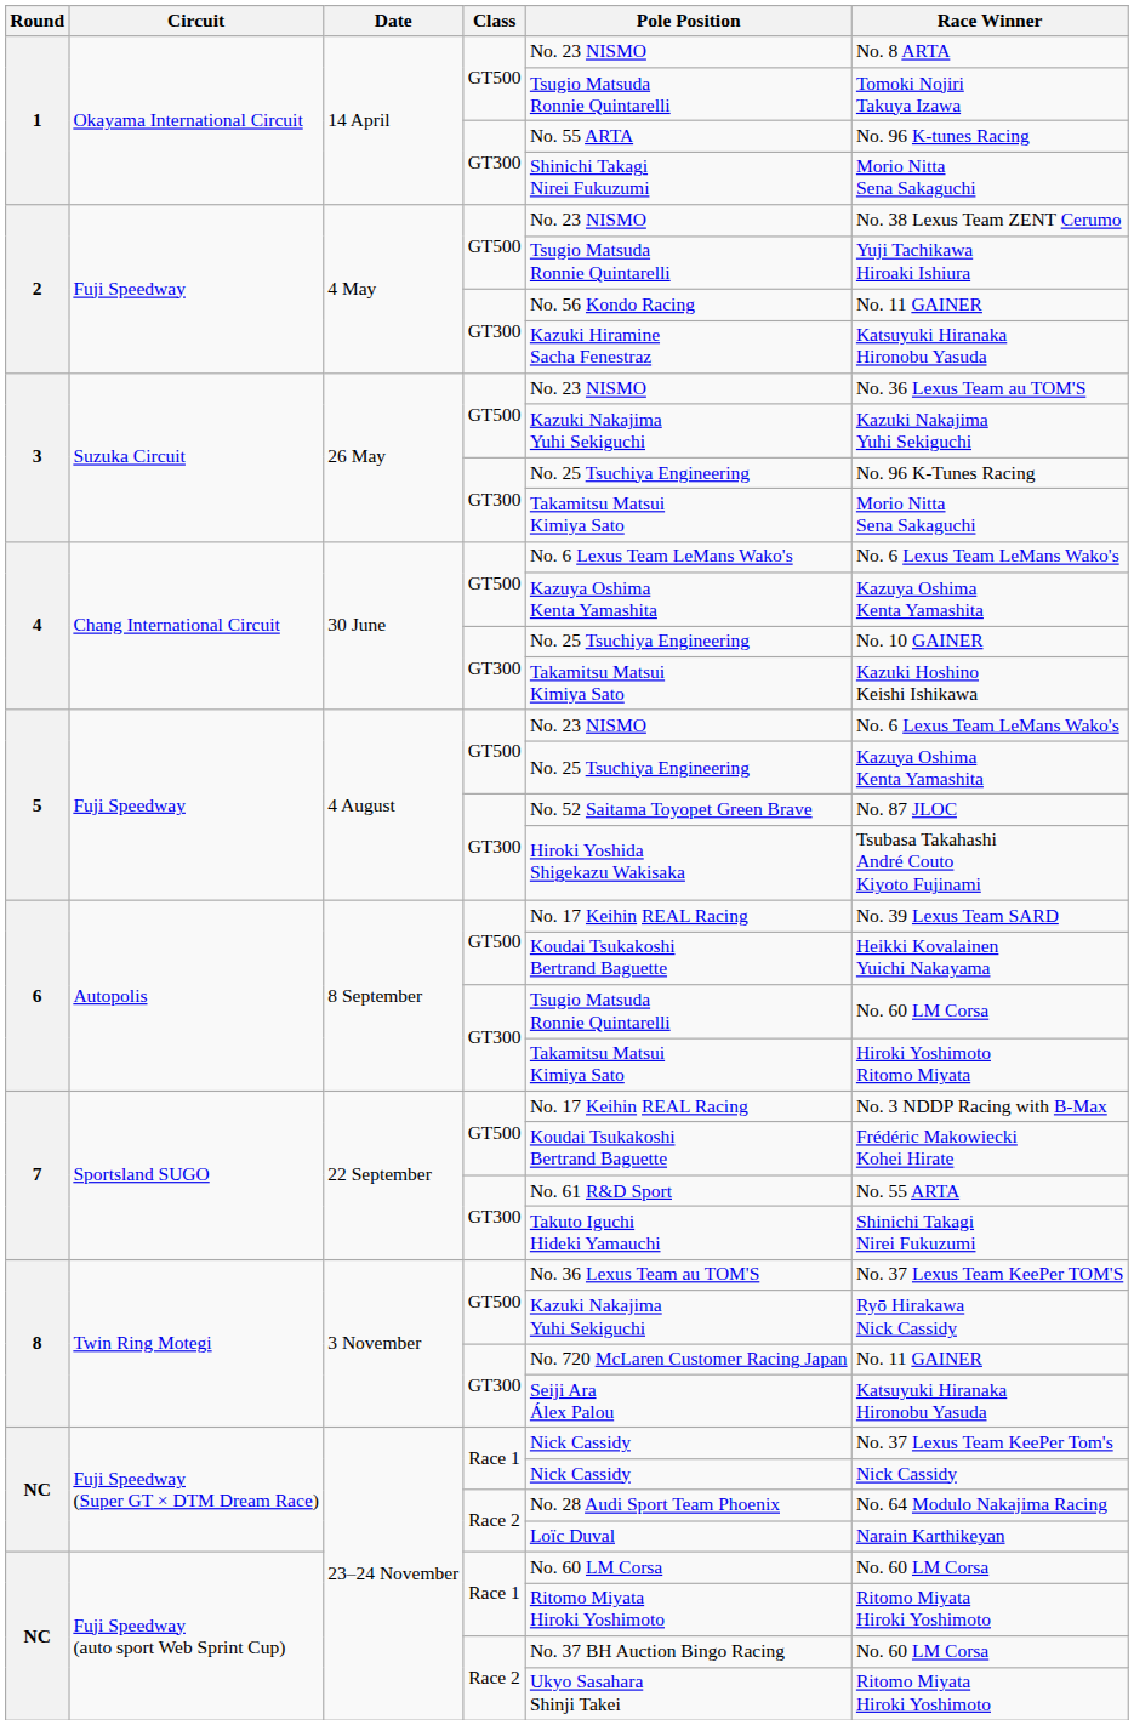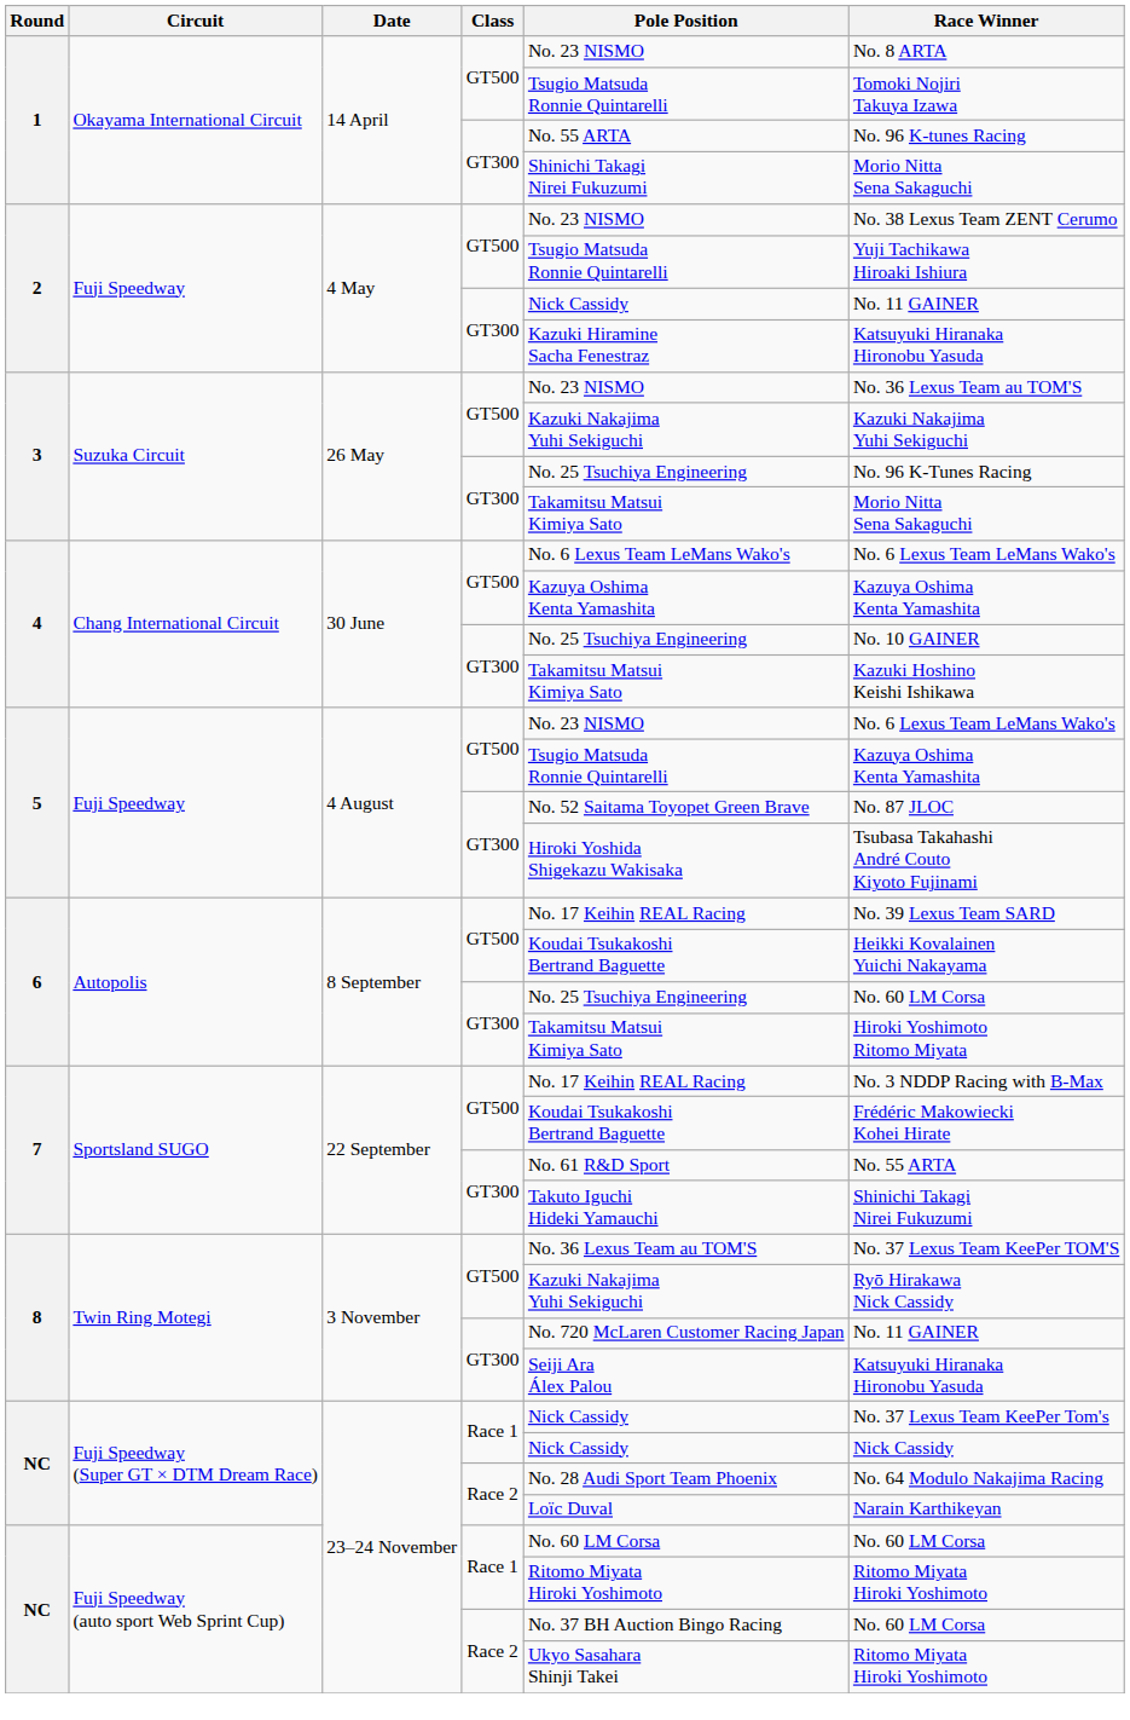 <table class="wikitable" style="font-size: 85%;">
 <tr>
 <th>Round</th>
 <th>Circuit</th>
 <th>Date</th>
 <th>Class</th>
 <th>Pole Position</th>
 <th>Race Winner</th>
 </tr>
 <tr>
 <th rowspan=4>1</th>
 <td rowspan=4> <a href='#'>Okayama International Circuit</a></td>
 <td rowspan=4>14 April</td>
 <td align=center rowspan=2>GT500</td>
 <td>No. 23 <a href='#'>NISMO</a></td>
 <td>No. 8 <a href='#'>ARTA</a></td>
 </tr>
 <tr>
 <td> <a href='#'>Tsugio Matsuda</a><br> <a href='#'>Ronnie Quintarelli</a></td>
 <td> <a href='#'>Tomoki Nojiri</a> <br> <a href='#'>Takuya Izawa</a></td>
 </tr>
 <tr>
 <td align=center rowspan=2>GT300</td>
 <td>No. 55 <a href='#'>ARTA</a></td>
 <td>No. 96 <a href='#'>K-tunes Racing</a></td>
 </tr>
 <tr>
 <td> <a href='#'>Shinichi Takagi</a><br> <a href='#'>Nirei Fukuzumi</a></td>
 <td> <a href='#'>Morio Nitta</a><br> <a href='#'>Sena Sakaguchi</a></td>
 </tr>
 <tr>
 <th rowspan=4>2</th>
 <td rowspan=4> <a href='#'>Fuji Speedway</a></td>
 <td rowspan=4>4 May</td>
 <td align=center rowspan=2>GT500</td>
 <td>No. 23 <a href='#'>NISMO</a></td>
 <td>No. 38 Lexus Team ZENT <a href='#'>Cerumo</a></td>
 </tr>
 <tr>
 <td> <a href='#'>Tsugio Matsuda</a><br> <a href='#'>Ronnie Quintarelli</a></td>
 <td> <a href='#'>Yuji Tachikawa</a><br> <a href='#'>Hiroaki Ishiura</a></td>
 </tr>
 <tr>
 <td align=center rowspan=2>GT300</td>
-<td>No. 56 <a href='#'>Kondo Racing</a></td>
+<td> <a href='#'>Nick Cassidy</a></td>
 <td>No. 11 <a href='#'>GAINER</a></td>
 </tr>
 <tr>
 <td> <a href='#'>Kazuki Hiramine</a><br> <a href='#'>Sacha Fenestraz</a></td>
 <td> <a href='#'>Katsuyuki Hiranaka</a><br> <a href='#'>Hironobu Yasuda</a></td>
 </tr>
 <tr>
 <th rowspan=4>3</th>
 <td rowspan=4> <a href='#'>Suzuka Circuit</a></td>
 <td rowspan=4>26 May</td>
 <td align=center rowspan=2>GT500</td>
 <td>No. 23 <a href='#'>NISMO</a></td>
 <td>No. 36 <a href='#'>Lexus Team au TOM'S</a></td>
 </tr>
 <tr>
 <td> <a href='#'>Kazuki Nakajima</a><br> <a href='#'>Yuhi Sekiguchi</a></td>
 <td> <a href='#'>Kazuki Nakajima</a><br> <a href='#'>Yuhi Sekiguchi</a></td>
 </tr>
 <tr>
 <td align=center rowspan=2>GT300</td>
 <td>No. 25 <a href='#'>Tsuchiya Engineering</a></td>
 <td>No. 96 K-Tunes Racing</td>
 </tr>
 <tr>
 <td> <a href='#'>Takamitsu Matsui</a><br> <a href='#'>Kimiya Sato</a></td>
 <td> <a href='#'>Morio Nitta</a><br> <a href='#'>Sena Sakaguchi</a></td>
 </tr>
 <tr>
 <th rowspan=4>4</th>
 <td rowspan=4> <a href='#'>Chang International Circuit</a></td>
 <td rowspan=4>30 June</td>
 <td align=center rowspan=2>GT500</td>
 <td>No. 6 <a href='#'>Lexus Team LeMans Wako's</a></td>
 <td>No. 6 <a href='#'>Lexus Team LeMans Wako's</a></td>
 </tr>
 <tr>
 <td> <a href='#'>Kazuya Oshima</a><br> <a href='#'>Kenta Yamashita</a></td>
 <td> <a href='#'>Kazuya Oshima</a><br> <a href='#'>Kenta Yamashita</a></td>
 </tr>
 <tr>
 <td align=center rowspan=2>GT300</td>
 <td>No. 25 <a href='#'>Tsuchiya Engineering</a></td>
 <td>No. 10 <a href='#'>GAINER</a></td>
 </tr>
 <tr>
 <td> <a href='#'>Takamitsu Matsui</a><br> <a href='#'>Kimiya Sato</a></td>
 <td> <a href='#'>Kazuki Hoshino</a><br> Keishi Ishikawa</td>
 </tr>
 <tr>
 <th rowspan=4>5</th>
 <td rowspan=4> <a href='#'>Fuji Speedway</a></td>
 <td rowspan=4>4 August</td>
 <td align=center rowspan=2>GT500</td>
 <td>No. 23 <a href='#'>NISMO</a></td>
 <td>No. 6 <a href='#'>Lexus Team LeMans Wako's</a></td>
 </tr>
 <tr>
-<td>No. 25 <a href='#'>Tsuchiya Engineering</a></td>
+<td> <a href='#'>Tsugio Matsuda</a><br> <a href='#'>Ronnie Quintarelli</a></td>
 <td> <a href='#'>Kazuya Oshima</a><br> <a href='#'>Kenta Yamashita</a></td>
 </tr>
 <tr>
 <td align=center rowspan=2>GT300</td>
 <td>No. 52 <a href='#'>Saitama Toyopet Green Brave</a></td>
 <td>No. 87 <a href='#'>JLOC</a></td>
 </tr>
 <tr>
 <td> <a href='#'>Hiroki Yoshida</a><br> <a href='#'>Shigekazu Wakisaka</a></td>
 <td> Tsubasa Takahashi<br> <a href='#'>André Couto</a><br> <a href='#'>Kiyoto Fujinami</a></td>
 </tr>
 <tr>
 <th rowspan=4>6</th>
 <td rowspan=4> <a href='#'>Autopolis</a></td>
 <td rowspan=4>8 September</td>
 <td align=center rowspan=2>GT500</td>
 <td>No. 17 <a href='#'>Keihin</a> <a href='#'>REAL Racing</a></td>
 <td>No. 39 <a href='#'>Lexus Team SARD</a></td>
 </tr>
 <tr>
 <td> <a href='#'>Koudai Tsukakoshi</a><br> <a href='#'>Bertrand Baguette</a></td>
 <td> <a href='#'>Heikki Kovalainen</a><br> <a href='#'>Yuichi Nakayama</a></td>
 </tr>
 <tr>
 <td align=center rowspan=2>GT300</td>
-<td> <a href='#'>Tsugio Matsuda</a><br> <a href='#'>Ronnie Quintarelli</a></td>
+<td>No. 25 <a href='#'>Tsuchiya Engineering</a></td>
 <td>No. 60 <a href='#'>LM Corsa</a></td>
 </tr>
 <tr>
 <td> <a href='#'>Takamitsu Matsui</a><br> <a href='#'>Kimiya Sato</a></td>
 <td> <a href='#'>Hiroki Yoshimoto</a><br> <a href='#'>Ritomo Miyata</a></td>
 </tr>
 <tr>
 <th rowspan=4>7</th>
 <td rowspan=4> <a href='#'>Sportsland SUGO</a></td>
 <td rowspan=4>22 September</td>
 <td align=center rowspan=2>GT500</td>
 <td>No. 17 <a href='#'>Keihin</a> <a href='#'>REAL Racing</a></td>
 <td>No. 3  NDDP Racing with <a href='#'>B-Max</a></td>
 </tr>
 <tr>
 <td> <a href='#'>Koudai Tsukakoshi</a><br> <a href='#'>Bertrand Baguette</a></td>
 <td> <a href='#'>Frédéric Makowiecki</a><br> <a href='#'>Kohei Hirate</a></td>
 </tr>
 <tr>
 <td align=center rowspan=2>GT300</td>
 <td>No. 61 <a href='#'>R&D Sport</a></td>
 <td>No. 55 <a href='#'>ARTA</a></td>
 </tr>
 <tr>
 <td> <a href='#'>Takuto Iguchi</a><br> <a href='#'>Hideki Yamauchi</a></td>
 <td> <a href='#'>Shinichi Takagi</a><br> <a href='#'>Nirei Fukuzumi</a></td>
 </tr>
 <tr>
 <th rowspan=4>8</th>
 <td rowspan=4> <a href='#'>Twin Ring Motegi</a></td>
 <td rowspan=4>3 November</td>
 <td align=center rowspan=2>GT500</td>
 <td>No. 36 <a href='#'>Lexus Team au TOM'S</a></td>
 <td>No. 37 <a href='#'>Lexus Team KeePer TOM'S</a></td>
 </tr>
 <tr>
 <td> <a href='#'>Kazuki Nakajima</a><br> <a href='#'>Yuhi Sekiguchi</a></td>
 <td> <a href='#'>Ryō Hirakawa</a><br> <a href='#'>Nick Cassidy</a></td>
 </tr>
 <tr>
 <td align=center rowspan=2>GT300</td>
 <td>No. 720 <a href='#'>McLaren Customer Racing Japan</a></td>
 <td>No. 11 <a href='#'>GAINER</a></td>
 </tr>
 <tr>
 <td> <a href='#'>Seiji Ara</a><br> <a href='#'>Álex Palou</a></td>
 <td> <a href='#'>Katsuyuki Hiranaka</a><br> <a href='#'>Hironobu Yasuda</a></td>
 </tr>
 <tr>
 <th rowspan="4">NC</th>
 <td rowspan="4"> <a href='#'>Fuji Speedway</a><br>(<a href='#'>Super GT × DTM Dream Race</a>)</td>
 <td rowspan=8>23–24 November</td>
 <td rowspan="2" align="center">Race 1</td>
 <td> <a href='#'>Nick Cassidy</a></td>
 <td>No. 37 <a href='#'>Lexus Team KeePer Tom's</a></td>
 </tr>
 <tr>
 <td> <a href='#'>Nick Cassidy</a></td>
 <td> <a href='#'>Nick Cassidy</a></td>
 </tr>
 <tr>
 <td rowspan="2" align="center">Race 2</td>
 <td>No. 28 <a href='#'>Audi Sport Team Phoenix</a></td>
 <td>No. 64 <a href='#'>Modulo Nakajima Racing</a></td>
 </tr>
 <tr>
 <td> <a href='#'>Loïc Duval</a></td>
 <td> <a href='#'>Narain Karthikeyan</a></td>
 </tr>
 <tr>
 <th rowspan="4">NC</th>
 <td rowspan="4"> <a href='#'>Fuji Speedway</a><br>(auto sport Web Sprint Cup)</td>
 <td rowspan="2" align="center">Race 1</td>
 <td>No. 60 <a href='#'>LM Corsa</a></td>
 <td>No. 60 <a href='#'>LM Corsa</a></td>
 </tr>
 <tr>
 <td> <a href='#'>Ritomo Miyata</a><br> <a href='#'>Hiroki Yoshimoto</a></td>
 <td> <a href='#'>Ritomo Miyata</a><br> <a href='#'>Hiroki Yoshimoto</a></td>
 </tr>
 <tr>
 <td rowspan="2" align="center">Race 2</td>
 <td>No. 37 BH Auction Bingo Racing</td>
 <td>No. 60 <a href='#'>LM Corsa</a></td>
 </tr>
 <tr>
 <td> <a href='#'>Ukyo Sasahara</a><br> Shinji Takei</td>
 <td> <a href='#'>Ritomo Miyata</a><br> <a href='#'>Hiroki Yoshimoto</a></td>
 </tr>
 </table>
